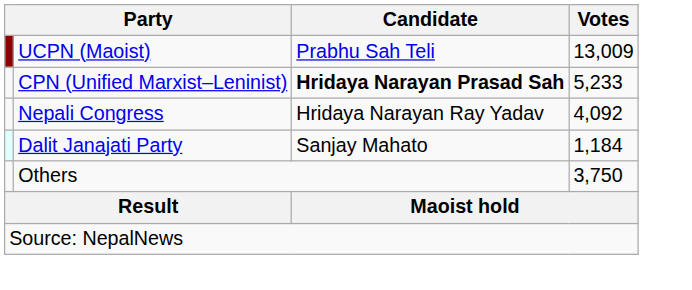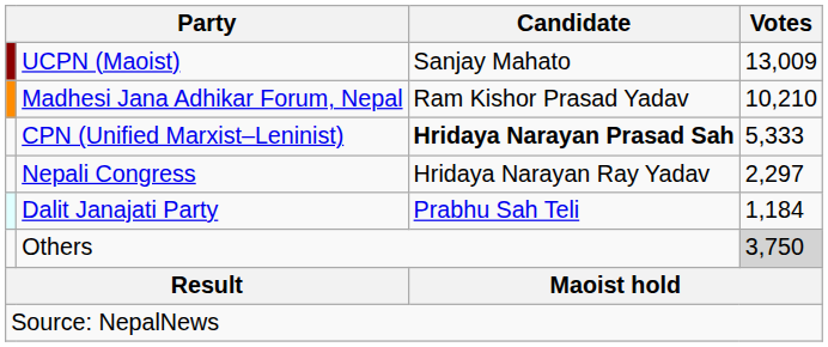 <table class="wikitable">
 <tr>
 <th colspan="2">Party</th>
 <th>Candidate</th>
 <th>Votes</th>
 </tr>
 <tr>
 <td style="background-color:darkred"></td>
 <td><a href='#'>UCPN (Maoist)</a></td>
-<td><a href='#'>Prabhu Sah Teli</a></td>
+<td>Sanjay Mahato</td>
 <td>13,009</td>
+</tr>
+<tr>
+<td style="background-color:darkorange"></td>
+<td><a href='#'>Madhesi Jana Adhikar Forum, Nepal</a></td>
+<td>Ram Kishor Prasad Yadav</td>
+<td>10,210</td>
 </tr>
 <tr>
 <td style="background-color:"></td>
 <td><a href='#'>CPN (Unified Marxist–Leninist)</a></td>
 <td><strong>Hridaya Narayan Prasad Sah</strong></td>
-<td>5,233</td>
+<td>5,333</td>
 </tr>
 <tr>
 <td style="background-color:"></td>
 <td><a href='#'>Nepali Congress</a></td>
 <td>Hridaya Narayan Ray Yadav</td>
-<td>4,092</td>
+<td>2,297</td>
 </tr>
 <tr>
 <td style="background-color:#e0ffff"></td>
 <td><a href='#'>Dalit Janajati Party</a></td>
-<td>Sanjay Mahato</td>
+<td><a href='#'>Prabhu Sah Teli</a></td>
 <td>1,184</td>
 </tr>
 <tr>
 <td></td>
 <td colspan="2">Others</td>
-<td>3,750</td>
+<td style="background: lightgrey;">3,750</td>
 </tr>
 <tr>
 <th colspan="2">Result</th>
 <th colspan="2">Maoist hold</th>
 </tr>
 <tr>
 <td colspan="4">Source: NepalNews</td>
 </tr>
 </table>
